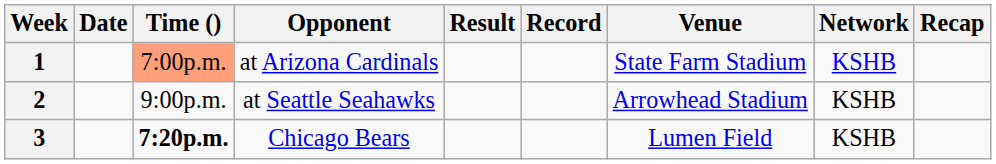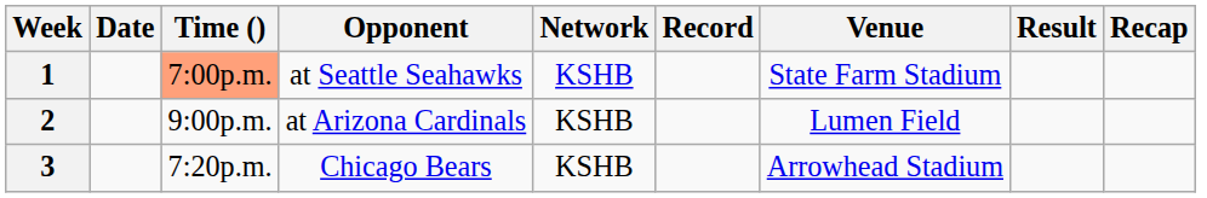 <table class="wikitable" style="text-align:center">
 <tr>
 <th>Week</th>
 <th>Date</th>
 <th>Time (<a href='#'></a>)</th>
 <th>Opponent</th>
-<th>Result</th>
+<th>Network</th>
 <th>Record</th>
 <th>Venue</th>
-<th>Network</th>
+<th>Result</th>
 <th>Recap</th>
 </tr>
 <tr>
 <th>1</th>
 <td></td>
 <td style="background: lightsalmon;">7:00p.m.</td>
-<td>at <a href='#'>Arizona Cardinals</a></td>
-<td></td>
+<td>at <a href='#'>Seattle Seahawks</a></td>
+<td><a href='#'>KSHB</a></td>
 <td></td>
 <td><a href='#'>State Farm Stadium</a></td>
-<td><a href='#'>KSHB</a></td>
+<td></td>
 <td></td>
 </tr>
 <tr>
 <th>2</th>
 <td></td>
 <td>9:00p.m.</td>
-<td>at <a href='#'>Seattle Seahawks</a></td>
+<td>at <a href='#'>Arizona Cardinals</a></td>
+<td>KSHB</td>
 <td></td>
+<td><a href='#'>Lumen Field</a></td>
 <td></td>
-<td><a href='#'>Arrowhead Stadium</a></td>
-<td>KSHB</td>
 <td></td>
 </tr>
 <tr>
 <th>3</th>
 <td></td>
-<td><strong>7:20p.m.</strong></td>
+<td>7:20p.m.</td>
 <td><a href='#'>Chicago Bears</a></td>
+<td>KSHB</td>
 <td></td>
+<td><a href='#'>Arrowhead Stadium</a></td>
 <td></td>
-<td><a href='#'>Lumen Field</a></td>
-<td>KSHB</td>
 <td></td>
 </tr>
 </table>
